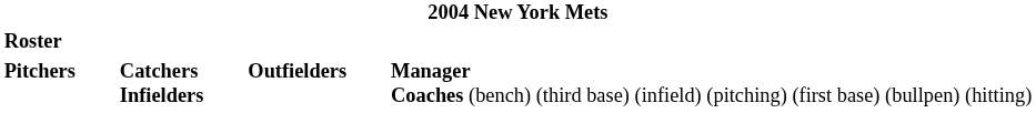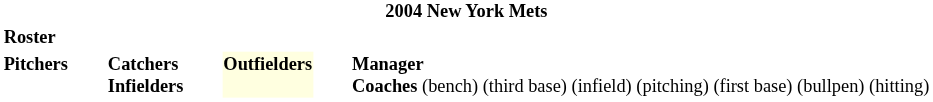 <table class="toccolours" style="font-size: 95%;">
 <tr>
 <th colspan="10">2004 New York Mets</th>
 </tr>
 <tr>
 <td colspan="10"><strong>Roster</strong></td>
 </tr>
 <tr>
 <td valign="top"><strong>Pitchers</strong><br>                        </td>
 <td width="25px"></td>
 <td valign="top"><strong>Catchers</strong><br>    <strong>Infielders</strong>             </td>
 <td width="25px"></td>
-<td valign="top"><strong>Outfielders</strong><br>         </td>
+<td valign="top" style="background: lightyellow;"><strong>Outfielders</strong><br>         </td>
 <td width="25px"></td>
 <td valign="top"><strong>Manager</strong><br> <strong>Coaches</strong>  (bench)  (third base)  (infield)  (pitching)  (first base)  (bullpen)  (hitting)</td>
 </tr>
 </table>
